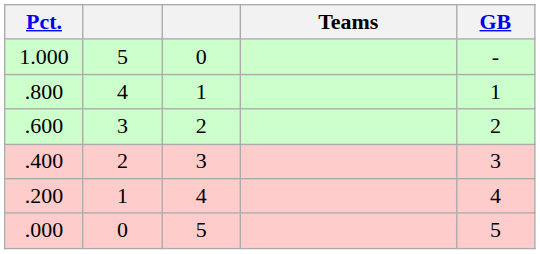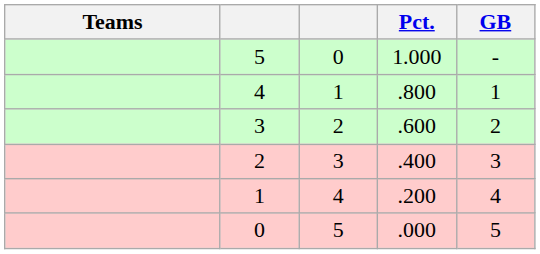 <table class="wikitable" style="text-align:center;">
 <tr>
-<th width=50px><a href='#'>Pct.</a></th>
+<th width=150px>Teams</th>
 <th width=50px></th>
 <th width=50px></th>
-<th width=150px>Teams</th>
+<th width=50px><a href='#'>Pct.</a></th>
 <th width=50px><a href='#'>GB</a></th>
 </tr>
 <tr style="background-color:#cfc">
-<td>1.000</td>
+<td align=left></td>
 <td>5</td>
 <td>0</td>
-<td align=left></td>
+<td>1.000</td>
 <td>-</td>
 </tr>
 <tr style="background-color:#cfc">
-<td>.800</td>
+<td align=left></td>
 <td>4</td>
 <td>1</td>
-<td align=left></td>
+<td>.800</td>
 <td>1</td>
 </tr>
 <tr style="background-color:#cfc">
-<td>.600</td>
+<td align=left></td>
 <td>3</td>
 <td>2</td>
-<td align=left></td>
+<td>.600</td>
 <td>2</td>
 </tr>
 <tr style="background-color:#fcc">
-<td>.400</td>
+<td align=left></td>
 <td>2</td>
 <td>3</td>
-<td align=left></td>
+<td>.400</td>
 <td>3</td>
 </tr>
 <tr style="background-color:#fcc">
-<td>.200</td>
+<td align=left></td>
 <td>1</td>
 <td>4</td>
-<td align=left></td>
+<td>.200</td>
 <td>4</td>
 </tr>
 <tr style="background-color:#fcc">
-<td>.000</td>
+<td align=left></td>
 <td>0</td>
 <td>5</td>
-<td align=left></td>
+<td>.000</td>
 <td>5</td>
 </tr>
 </table>
